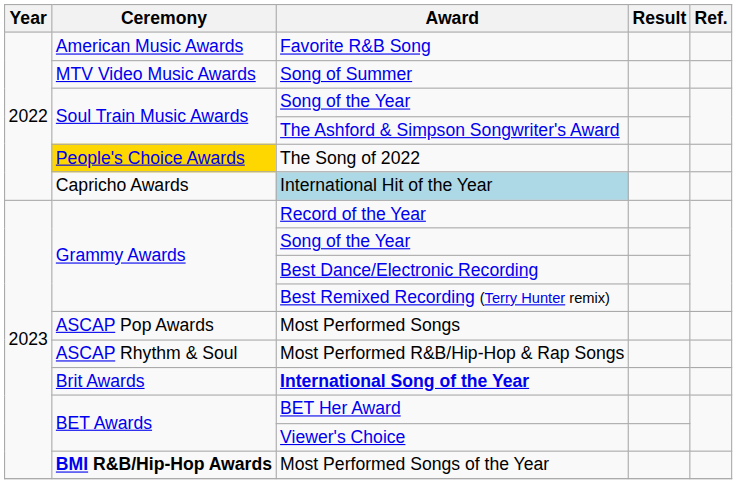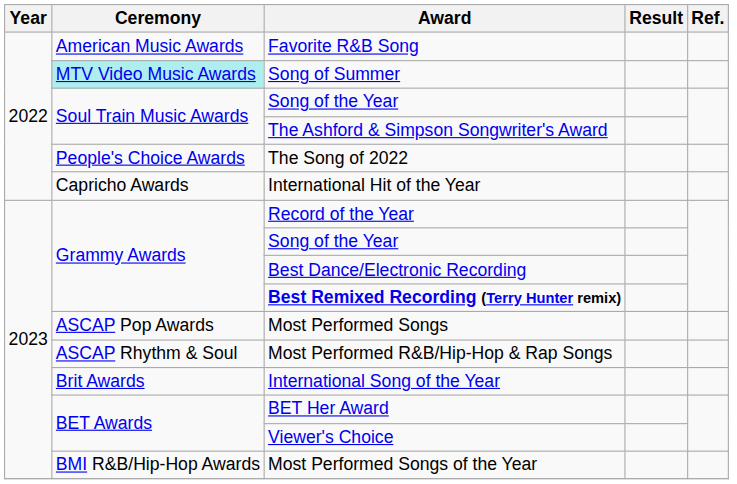 <table class="wikitable plainrowheaders">
 <tr>
 <th scope="col">Year</th>
 <th scope="col">Ceremony</th>
 <th scope="col">Award</th>
 <th scope="col">Result</th>
 <th scope="col">Ref.</th>
 </tr>
 <tr>
 <td rowspan="6" scope="row">2022</td>
 <td><a href='#'>American Music Awards</a></td>
 <td><a href='#'>Favorite R&B Song</a></td>
 <td></td>
 <td align="center"></td>
 </tr>
 <tr>
-<td><a href='#'>MTV Video Music Awards</a></td>
+<td style="background: paleturquoise;"><a href='#'>MTV Video Music Awards</a></td>
 <td><a href='#'>Song of Summer</a></td>
 <td></td>
 <td align="center"></td>
 </tr>
 <tr>
 <td rowspan="2"><a href='#'>Soul Train Music Awards</a></td>
 <td><a href='#'>Song of the Year</a></td>
 <td></td>
 <td rowspan="2" align="center"></td>
 </tr>
 <tr>
 <td><a href='#'>The Ashford & Simpson Songwriter's Award</a></td>
 <td></td>
 </tr>
 <tr>
-<td style="background: gold;"><a href='#'>People's Choice Awards</a></td>
+<td><a href='#'>People's Choice Awards</a></td>
 <td>The Song of 2022</td>
 <td></td>
 <td align="center"></td>
 </tr>
 <tr>
 <td>Capricho Awards</td>
-<td style="background: lightblue;">International Hit of the Year</td>
+<td>International Hit of the Year</td>
 <td></td>
 <td align="center"></td>
 </tr>
 <tr>
 <td rowspan="10">2023</td>
 <td rowspan="4"><a href='#'>Grammy Awards</a></td>
 <td><a href='#'>Record of the Year</a></td>
 <td></td>
 <td rowspan="4" align="center"></td>
 </tr>
 <tr>
 <td><a href='#'>Song of the Year</a></td>
 <td></td>
 </tr>
 <tr>
 <td><a href='#'>Best Dance/Electronic Recording</a></td>
 <td></td>
 </tr>
 <tr>
-<td><a href='#'>Best Remixed Recording</a> <small>(<a href='#'>Terry Hunter</a> remix)</small></td>
+<td><strong><a href='#'>Best Remixed Recording</a> <small>(<a href='#'>Terry Hunter</a> remix)</small></strong></td>
 <td></td>
 </tr>
 <tr>
 <td><a href='#'>ASCAP</a> Pop Awards</td>
 <td>Most Performed Songs</td>
 <td></td>
 <td align="center"></td>
 </tr>
 <tr>
 <td><a href='#'>ASCAP</a> Rhythm & Soul</td>
 <td>Most Performed R&B/Hip-Hop & Rap Songs</td>
 <td></td>
 <td align="center"></td>
 </tr>
 <tr>
 <td><a href='#'>Brit Awards</a></td>
-<td><strong><a href='#'>International Song of the Year</a></strong></td>
+<td><a href='#'>International Song of the Year</a></td>
 <td></td>
 <td align="center"></td>
 </tr>
 <tr>
 <td rowspan="2"><a href='#'>BET Awards</a></td>
 <td><a href='#'>BET Her Award</a></td>
 <td></td>
 <td rowspan="2" align="center"></td>
 </tr>
 <tr>
 <td><a href='#'>Viewer's Choice</a></td>
 <td></td>
 </tr>
 <tr>
-<td><strong><a href='#'>BMI</a> R&B/Hip-Hop Awards</strong></td>
+<td><a href='#'>BMI</a> R&B/Hip-Hop Awards</td>
 <td>Most Performed Songs of the Year</td>
 <td></td>
 <td></td>
 </tr>
 <tr>
 </tr>
 </table>
